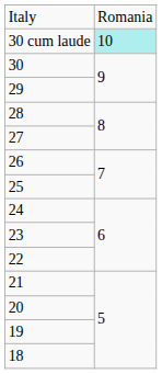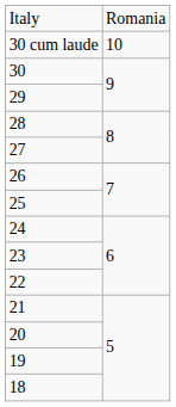 <table class="wikitable">
 <tr>
 <td>Italy</td>
 <td>Romania</td>
 </tr>
 <tr>
 <td>30 cum laude</td>
-<td style="background: paleturquoise;">10</td>
+<td>10</td>
 </tr>
 <tr>
 <td>30</td>
 <td rowspan="2">9</td>
 </tr>
 <tr>
 <td>29</td>
 </tr>
 <tr>
 <td>28</td>
 <td rowspan="2">8</td>
 </tr>
 <tr>
 <td>27</td>
 </tr>
 <tr>
 <td>26</td>
 <td rowspan="2">7</td>
 </tr>
 <tr>
 <td>25</td>
 </tr>
 <tr>
 <td>24</td>
 <td rowspan="3">6</td>
 </tr>
 <tr>
 <td>23</td>
 </tr>
 <tr>
 <td>22</td>
 </tr>
 <tr>
 <td>21</td>
 <td rowspan="4">5</td>
 </tr>
 <tr>
 <td>20</td>
 </tr>
 <tr>
 <td>19</td>
 </tr>
 <tr>
 <td>18</td>
 </tr>
 </table>
